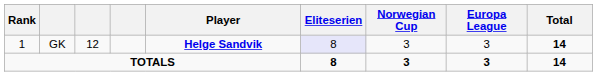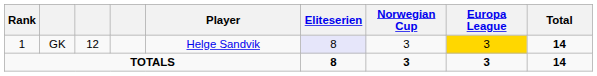 <table class="wikitable" style="font-size: 95%; text-align: center;">
 <tr>
 <th width=40>Rank</th>
 <th width=40></th>
 <th width=40></th>
 <th width=40></th>
 <th width=200>Player</th>
 <th width=80><a href='#'>Eliteserien</a></th>
 <th width=100><a href='#'>Norwegian Cup</a></th>
 <th width=100><a href='#'>Europa League</a></th>
 <th width=80><strong>Total</strong></th>
 </tr>
 <tr>
 <td>1</td>
 <td>GK</td>
 <td>12</td>
 <td></td>
-<td><strong><a href='#'>Helge Sandvik</a></strong></td>
+<td><a href='#'>Helge Sandvik</a></td>
 <td style="background: lavender;">8</td>
 <td>3</td>
-<td>3</td>
+<td style="background: gold;">3</td>
 <td><strong>14</strong></td>
 </tr>
 <tr>
 <td colspan="5"><strong>TOTALS</strong></td>
 <td><strong>8</strong></td>
 <td><strong>3</strong></td>
 <td><strong>3</strong></td>
 <td><strong>14</strong></td>
 </tr>
 </table>
